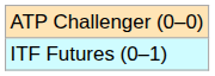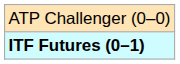 <table class=wikitable style=font-size:97%>
 <tr bgcolor=moccasin>
 <td>ATP Challenger (0–0)</td>
 </tr>
 <tr bgcolor=cffcff>
-<td>ITF Futures (0–1)</td>
+<td><strong>ITF Futures (0–1)</strong></td>
 </tr>
 </table>
